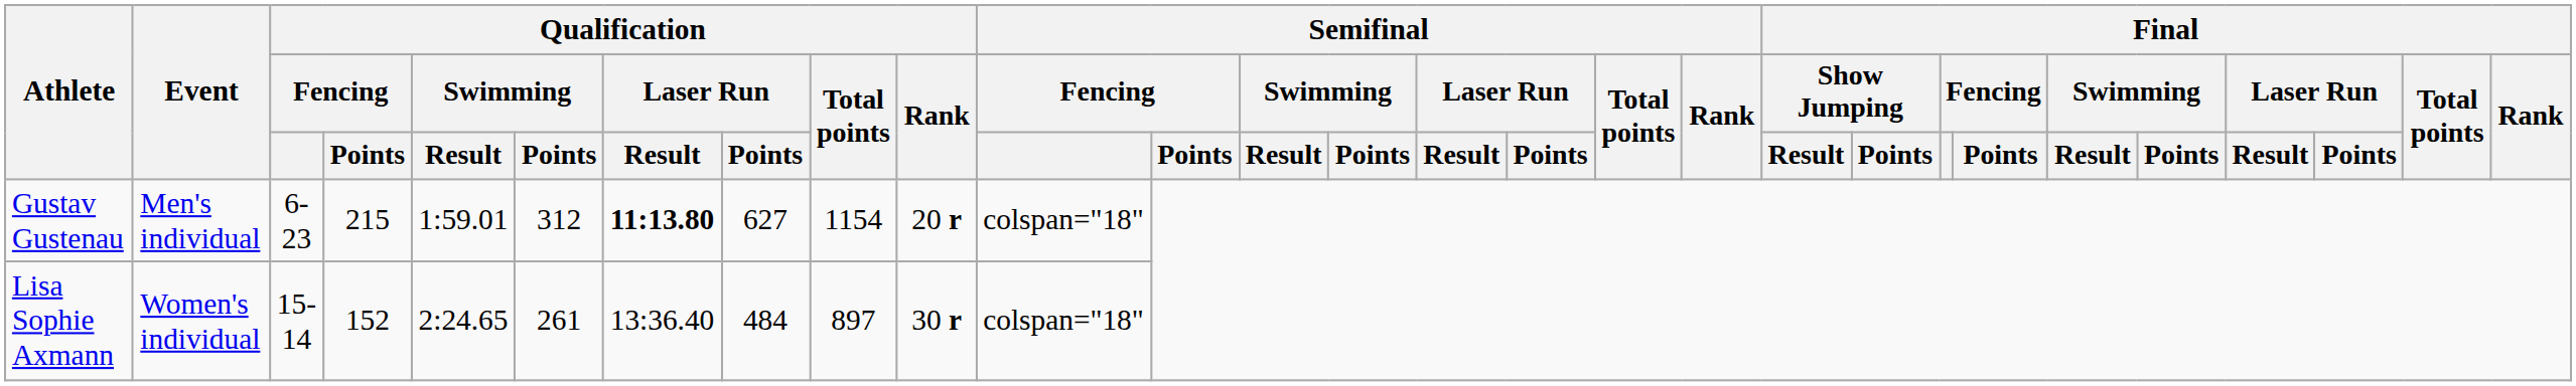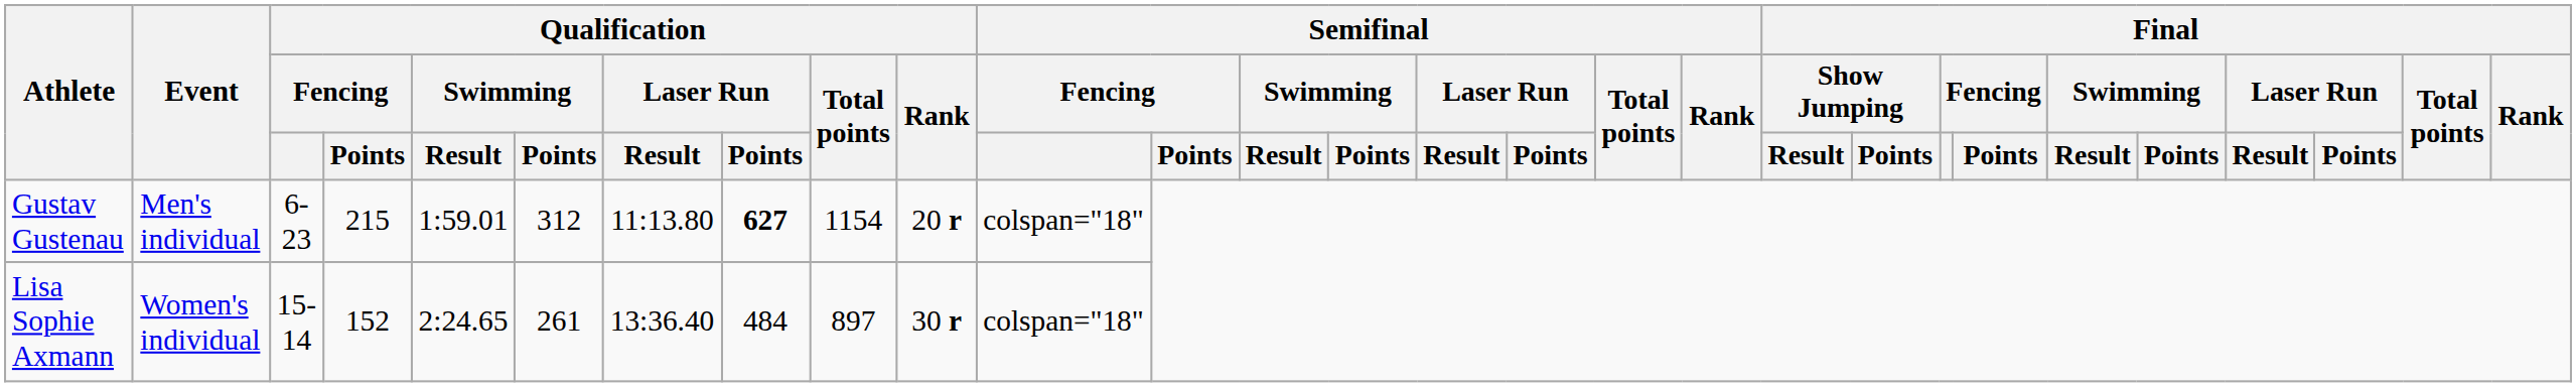 <table class="wikitable" style="text-align:center; font-size:90%">
 <tr>
 <th rowspan="3">Athlete</th>
 <th rowspan="3">Event</th>
 <th colspan="8">Qualification</th>
 <th colspan="8">Semifinal</th>
 <th colspan="10">Final</th>
 </tr>
 <tr style="font-size:95%">
 <th colspan="2">Fencing</th>
 <th colspan="2">Swimming</th>
 <th colspan="2">Laser Run</th>
 <th rowspan="2">Total points</th>
 <th rowspan="2">Rank</th>
 <th colspan="2">Fencing</th>
 <th colspan="2">Swimming</th>
 <th colspan="2">Laser Run</th>
 <th rowspan="2">Total points</th>
 <th rowspan="2">Rank</th>
 <th colspan="2">Show Jumping</th>
 <th colspan="2">Fencing</th>
 <th colspan="2">Swimming</th>
 <th colspan="2">Laser Run</th>
 <th rowspan="2">Total points</th>
 <th rowspan="2">Rank</th>
 </tr>
 <tr style="font-size:95%">
 <th></th>
 <th>Points</th>
 <th>Result</th>
 <th>Points</th>
 <th>Result</th>
 <th>Points</th>
 <th></th>
 <th>Points</th>
 <th>Result</th>
 <th>Points</th>
 <th>Result</th>
 <th>Points</th>
 <th>Result</th>
 <th>Points</th>
 <th></th>
 <th>Points</th>
 <th>Result</th>
 <th>Points</th>
 <th>Result</th>
 <th>Points</th>
 </tr>
 <tr>
 <td align="left"><a href='#'>Gustav Gustenau</a></td>
 <td align="left"><a href='#'>Men's individual</a></td>
 <td>6-23</td>
 <td>215</td>
 <td>1:59.01</td>
 <td>312</td>
-<td><strong>11:13.80</strong></td>
-<td>627</td>
+<td>11:13.80</td>
+<td><strong>627</strong></td>
 <td>1154</td>
 <td>20 <strong>r</strong></td>
 <td>colspan="18" </td>
 </tr>
 <tr>
 <td align="left"><a href='#'>Lisa Sophie Axmann</a></td>
 <td align="left"><a href='#'>Women's individual</a></td>
 <td>15-14</td>
 <td>152</td>
 <td>2:24.65</td>
 <td>261</td>
 <td>13:36.40</td>
 <td>484</td>
 <td>897</td>
 <td>30 <strong>r</strong></td>
 <td>colspan="18" </td>
 </tr>
 </table>
